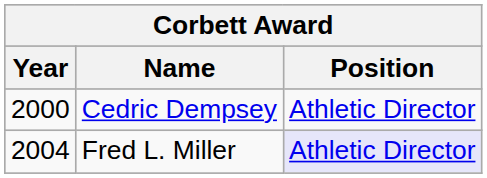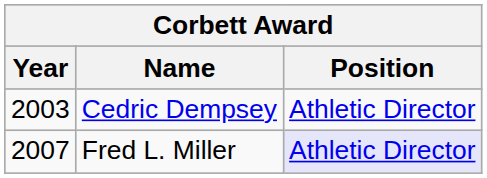 <table class="wikitable">
 <tr align="center">
 <th colspan=5>Corbett Award</th>
 </tr>
 <tr>
 <th>Year</th>
 <th>Name</th>
 <th>Position</th>
 </tr>
 <tr align="center" bgcolor="">
-<td>2000</td>
+<td>2003</td>
 <td><a href='#'>Cedric Dempsey</a></td>
 <td><a href='#'>Athletic Director</a></td>
 </tr>
 <tr>
-<td>2004</td>
+<td>2007</td>
 <td>Fred L. Miller</td>
 <td style="background: lavender;"><a href='#'>Athletic Director</a></td>
 </tr>
 </table>
